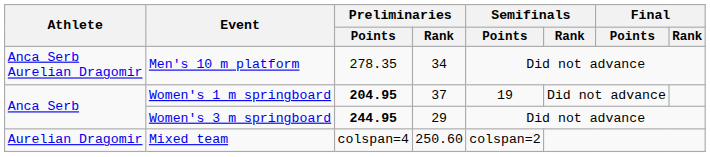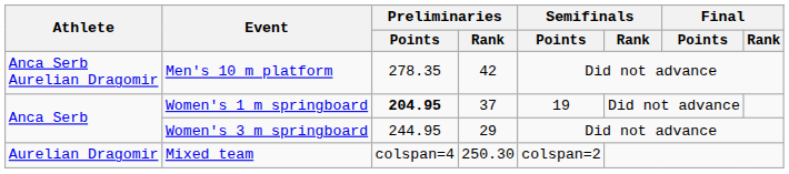 <table class=wikitable style="font-size:90%;">
 <tr>
 <th rowspan="2">Athlete</th>
 <th rowspan="2">Event</th>
 <th colspan="2">Preliminaries</th>
 <th colspan="2">Semifinals</th>
 <th colspan="2">Final</th>
 </tr>
 <tr style="font-size:95%">
 <th>Points</th>
 <th>Rank</th>
 <th>Points</th>
 <th>Rank</th>
 <th>Points</th>
 <th>Rank</th>
 </tr>
 <tr align=center>
 <td align=left><a href='#'>Anca Serb</a><br><a href='#'>Aurelian Dragomir</a></td>
 <td align=left><a href='#'>Men's 10 m platform</a></td>
 <td>278.35</td>
-<td>34</td>
+<td>42</td>
 <td colspan="4">Did not advance</td>
 </tr>
 <tr align=center>
 <td align=left rowspan=2><a href='#'>Anca Serb</a></td>
 <td align=left><a href='#'>Women's 1 m springboard</a></td>
 <td><strong>204.95</strong></td>
 <td>37</td>
 <td>19</td>
 <td colspan=2>Did not advance</td>
 </tr>
 <tr align=center>
 <td align=left><a href='#'>Women's 3 m springboard</a></td>
-<td><strong>244.95</strong></td>
+<td>244.95</td>
 <td>29</td>
 <td colspan="4">Did not advance</td>
 </tr>
 <tr align=center>
 <td align=left><a href='#'>Aurelian Dragomir</a></td>
 <td align=left><a href='#'>Mixed team</a></td>
 <td>colspan=4 </td>
-<td>250.60</td>
+<td>250.30</td>
 <td>colspan=2 </td>
 </tr>
 </table>
